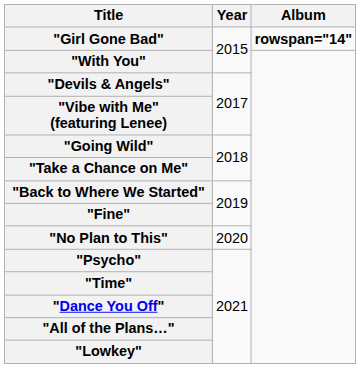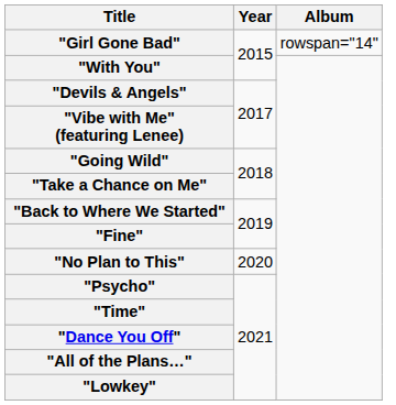 <table class="wikitable plainrowheaders" style="text-align:center;">
 <tr>
 <th scope="col" style="width:14em;">Title</th>
 <th scope="col" style="width:1em;">Year</th>
 <th scope="col">Album</th>
 </tr>
 <tr>
 <th scope="row">"Girl Gone Bad"</th>
 <td rowspan="2">2015</td>
-<td><strong>rowspan="14" </strong></td>
+<td>rowspan="14" </td>
 </tr>
 <tr>
 <th scope="row">"With You"</th>
 </tr>
 <tr>
 <th scope="row">"Devils & Angels"</th>
 <td rowspan="2">2017</td>
 </tr>
 <tr>
 <th scope="row">"Vibe with Me"<br><span>(featuring Lenee)</span></th>
 </tr>
 <tr>
 <th scope="row">"Going Wild"</th>
 <td rowspan="2">2018</td>
 </tr>
 <tr>
 <th scope="row">"Take a Chance on Me"</th>
 </tr>
 <tr>
 <th scope="row">"Back to Where We Started"</th>
 <td rowspan="2">2019</td>
 </tr>
 <tr>
 <th scope="row">"Fine"</th>
 </tr>
 <tr>
 <th scope="row">"No Plan to This"</th>
 <td>2020</td>
 </tr>
 <tr>
 <th scope="row">"Psycho"</th>
 <td rowspan="5">2021</td>
 </tr>
 <tr>
 <th scope="row">"Time"</th>
 </tr>
 <tr>
 <th scope="row">"<a href='#'>Dance You Off</a>"</th>
 </tr>
 <tr>
 <th scope="row">"All of the Plans…"</th>
 </tr>
 <tr>
 <th scope="row">"Lowkey"</th>
 </tr>
 </table>
